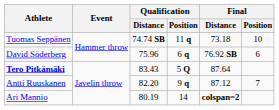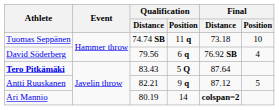 <table class=wikitable style="font-size:90%">
 <tr>
 <th rowspan="2">Athlete</th>
 <th rowspan="2">Event</th>
 <th colspan="2">Qualification</th>
 <th colspan="2">Final</th>
 </tr>
 <tr style="font-size:95%">
 <th>Distance</th>
 <th>Position</th>
 <th>Distance</th>
 <th>Position</th>
 </tr>
 <tr style=text-align:center>
 <td style=text-align:left><a href='#'>Tuomas Seppänen</a></td>
 <td style=text-align:left rowspan=2><a href='#'>Hammer throw</a></td>
 <td>74.74 <strong>SB</strong></td>
 <td>11 <strong>q</strong></td>
 <td>73.18</td>
 <td>10</td>
 </tr>
 <tr style=text-align:center>
 <td style=text-align:left><a href='#'>David Söderberg</a></td>
-<td>75.96</td>
+<td>79.56</td>
 <td>6 <strong>q</strong></td>
 <td>76.92 <strong>SB</strong></td>
-<td>6</td>
+<td>4</td>
 </tr>
 <tr style=text-align:center>
 <td style=text-align:left><strong><a href='#'>Tero Pitkämäki</a></strong></td>
 <td style=text-align:left rowspan=3><a href='#'>Javelin throw</a></td>
 <td>83.43</td>
 <td>5 <strong>Q</strong></td>
 <td>87.64</td>
 <td></td>
 </tr>
 <tr style=text-align:center>
 <td style=text-align:left><a href='#'>Antti Ruuskanen</a></td>
-<td>82.20</td>
+<td>82.21</td>
 <td>9 <strong>q</strong></td>
 <td>87.12</td>
-<td>7</td>
+<td>5</td>
 </tr>
 <tr style=text-align:center>
 <td style=text-align:left><a href='#'>Ari Mannio</a></td>
 <td>80.19</td>
 <td>14</td>
 <td><strong>colspan=2 </strong></td>
 </tr>
 </table>
